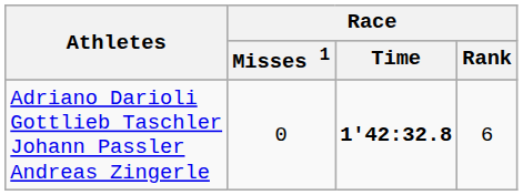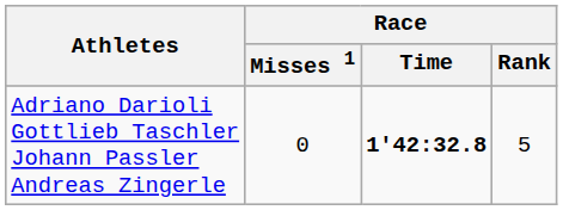 <table class="wikitable" border="1" style="font-size:90%">
 <tr>
 <th rowspan=2>Athletes</th>
 <th colspan=3>Race</th>
 </tr>
 <tr>
 <th>Misses <sup>1</sup></th>
 <th>Time</th>
 <th>Rank</th>
 </tr>
 <tr>
 <td><a href='#'>Adriano Darioli</a><br><a href='#'>Gottlieb Taschler</a><br><a href='#'>Johann Passler</a><br><a href='#'>Andreas Zingerle</a></td>
 <td align=center>0</td>
 <td align=center><strong>1'42:32.8</strong></td>
-<td align=center>6</td>
+<td align=center>5</td>
 </tr>
 </table>
